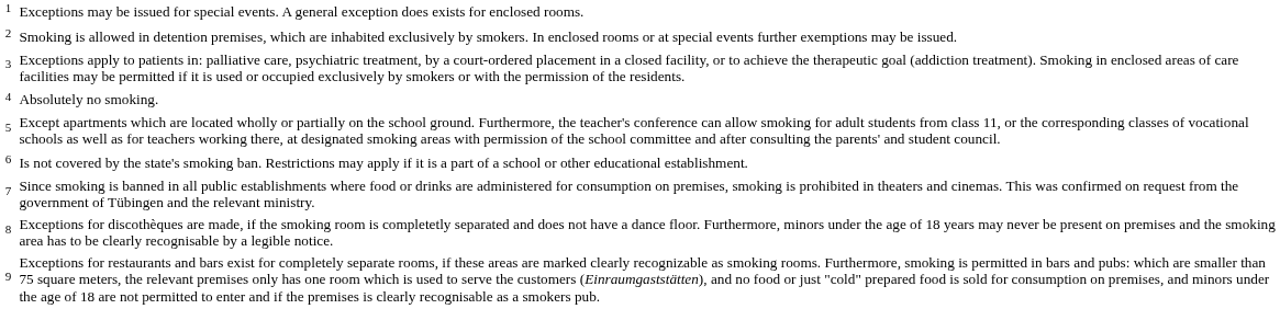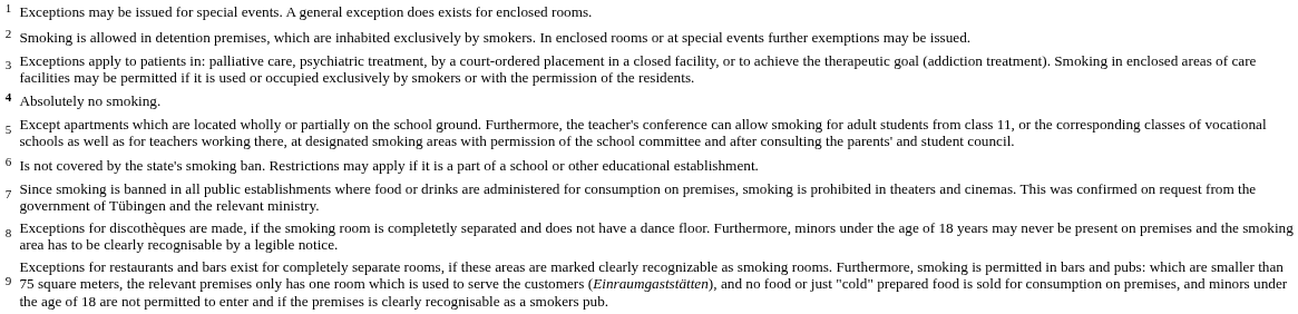 <table class="toptextcells" style="font-size: 90%;">
 <tr>
 <td style="text-align: right; padding-right: 0.33em"><sup>1</sup></td>
 <td>Exceptions may be issued for special events. A general exception does exists for enclosed rooms.</td>
 </tr>
 <tr>
 <td style="text-align: right; padding-right: 0.33em"><sup>2</sup></td>
 <td>Smoking is allowed in detention premises, which are inhabited exclusively by smokers. In enclosed rooms or at special events further exemptions may be issued.</td>
 </tr>
 <tr>
 <td style="text-align: right; padding-right: 0.33em"><sup>3</sup></td>
 <td>Exceptions apply to patients in: palliative care, psychiatric treatment, by a court-ordered placement in a closed facility, or to achieve the therapeutic goal (addiction treatment). Smoking in enclosed areas of care facilities may be permitted if it is used or occupied exclusively by smokers or with the permission of the residents.</td>
 </tr>
 <tr>
-<td style="text-align: right; padding-right: 0.33em"><sup>4</sup></td>
+<td style="text-align: right; padding-right: 0.33em"><strong><sup>4</sup></strong></td>
 <td>Absolutely no smoking.</td>
 </tr>
 <tr>
 <td style="text-align: right; padding-right: 0.33em"><sup>5</sup></td>
 <td>Except apartments which are located wholly or partially on the school ground. Furthermore, the teacher's conference can allow smoking for adult students from class 11, or the corresponding classes of vocational schools as well as for teachers working there, at designated smoking areas with permission of the school committee and after consulting the parents' and student council.</td>
 </tr>
 <tr>
 <td style="text-align: right; padding-right: 0.33em"><sup>6</sup></td>
 <td>Is not covered by the state's smoking ban. Restrictions may apply if it is a part of a school or other educational establishment.</td>
 </tr>
 <tr>
 <td style="text-align: right; padding-right: 0.33em"><sup>7</sup></td>
 <td>Since smoking is banned in all public establishments where food or drinks are administered for consumption on premises, smoking is prohibited in theaters and cinemas. This was confirmed on request from the government of Tübingen and the relevant ministry.</td>
 </tr>
 <tr>
 <td style="text-align: right; padding-right: 0.33em"><sup>8</sup></td>
 <td>Exceptions for discothèques are made, if the smoking room is completetly separated and does not have a dance floor. Furthermore, minors under the age of 18 years may never be present on premises and the smoking area has to be clearly recognisable by a legible notice.</td>
 </tr>
 <tr>
 <td style="text-align: right; padding-right: 0.33em"><sup>9</sup></td>
 <td>Exceptions for restaurants and bars exist for completely separate rooms, if these areas are marked clearly recognizable as smoking rooms. Furthermore, smoking is permitted in bars and pubs: which are smaller than 75 square meters, the relevant premises only has one room which is used to serve the customers (<em>Einraumgaststätten</em>), and no food or just "cold" prepared food is sold for consumption on premises, and minors under the age of 18 are not permitted to enter and if the premises is clearly recognisable as a smokers pub.</td>
 </tr>
 </table>
